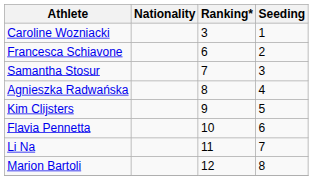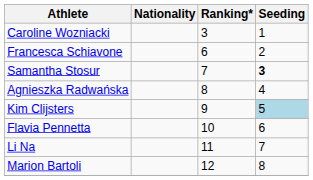 <table class="wikitable" border="1">
 <tr>
 <th>Athlete</th>
 <th>Nationality</th>
 <th>Ranking*</th>
 <th>Seeding</th>
 </tr>
 <tr>
 <td><a href='#'>Caroline Wozniacki</a></td>
 <td></td>
 <td>3</td>
 <td>1</td>
 </tr>
 <tr>
 <td><a href='#'>Francesca Schiavone</a></td>
 <td></td>
 <td>6</td>
 <td>2</td>
 </tr>
 <tr>
 <td><a href='#'>Samantha Stosur</a></td>
 <td></td>
 <td>7</td>
-<td>3</td>
+<td><strong>3</strong></td>
 </tr>
 <tr>
 <td><a href='#'>Agnieszka Radwańska</a></td>
 <td></td>
 <td>8</td>
 <td>4</td>
 </tr>
 <tr>
 <td><a href='#'>Kim Clijsters</a></td>
 <td></td>
 <td>9</td>
-<td>5</td>
+<td style="background: lightblue;">5</td>
 </tr>
 <tr>
 <td><a href='#'>Flavia Pennetta</a></td>
 <td></td>
 <td>10</td>
 <td>6</td>
 </tr>
 <tr>
 <td><a href='#'>Li Na</a></td>
 <td></td>
 <td>11</td>
 <td>7</td>
 </tr>
 <tr>
 <td><a href='#'>Marion Bartoli</a></td>
 <td></td>
 <td>12</td>
 <td>8</td>
 </tr>
 <tr>
 </tr>
 </table>
